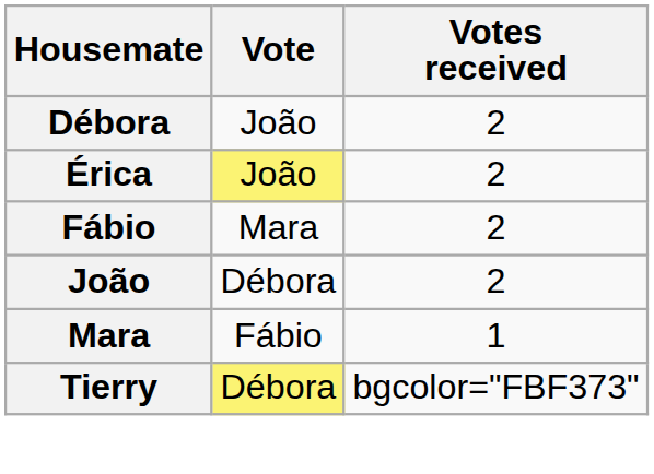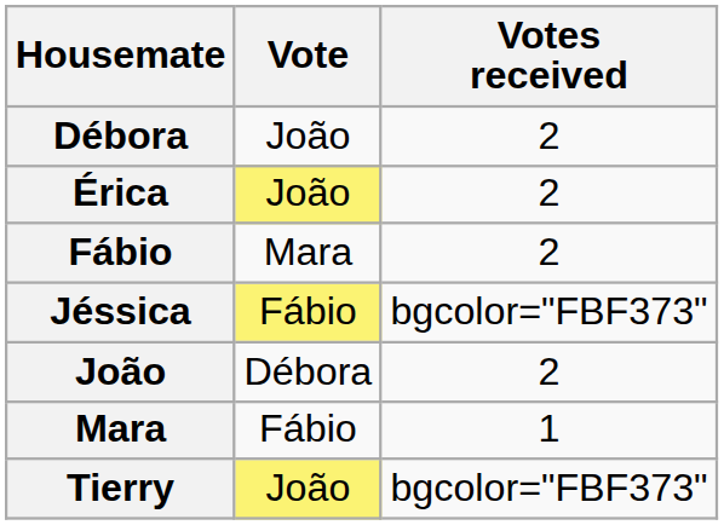 <table class="wikitable" style="text-align:center; font-size:90%; line-height:15px;">
 <tr>
 <th>Housemate</th>
 <th>Vote</th>
 <th>Votes<br>received</th>
 </tr>
 <tr>
 <th>Débora</th>
 <td>João</td>
 <td>2</td>
 </tr>
 <tr>
 <th>Érica</th>
 <td bgcolor="FBF373">João</td>
 <td>2</td>
 </tr>
 <tr>
 <th>Fábio</th>
 <td>Mara</td>
 <td>2</td>
 </tr>
 <tr>
+<th>Jéssica</th>
+<td bgcolor="FBF373">Fábio</td>
+<td>bgcolor="FBF373" </td>
+</tr>
+<tr>
 <th>João</th>
 <td>Débora</td>
 <td>2</td>
 </tr>
 <tr>
 <th>Mara</th>
 <td>Fábio</td>
 <td>1</td>
 </tr>
 <tr>
 <th>Tierry</th>
-<td bgcolor="FBF373">Débora</td>
+<td bgcolor="FBF373">João</td>
 <td>bgcolor="FBF373" </td>
 </tr>
 </table>
